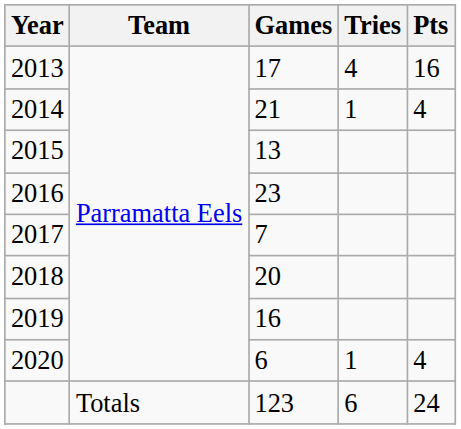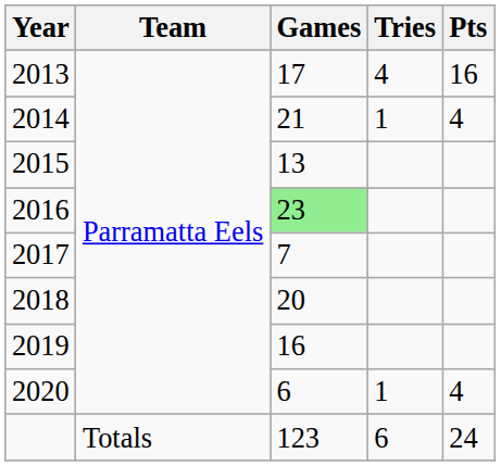 <table class="wikitable">
 <tr>
 <th>Year</th>
 <th>Team</th>
 <th>Games</th>
 <th>Tries</th>
 <th>Pts</th>
 </tr>
 <tr>
 <td>2013</td>
 <td rowspan="8"> <a href='#'>Parramatta Eels</a></td>
 <td>17</td>
 <td>4</td>
 <td>16</td>
 </tr>
 <tr>
 <td>2014</td>
 <td>21</td>
 <td>1</td>
 <td>4</td>
 </tr>
 <tr>
 <td>2015</td>
 <td>13</td>
 <td></td>
 <td></td>
 </tr>
 <tr>
 <td>2016</td>
-<td>23</td>
+<td style="background: lightgreen;">23</td>
 <td></td>
 <td></td>
 </tr>
 <tr>
 <td>2017</td>
 <td>7</td>
 <td></td>
 <td></td>
 </tr>
 <tr>
 <td>2018</td>
 <td>20</td>
 <td></td>
 <td></td>
 </tr>
 <tr>
 <td>2019</td>
 <td>16</td>
 <td></td>
 <td></td>
 </tr>
 <tr>
 <td>2020</td>
 <td>6</td>
 <td>1</td>
 <td>4</td>
 </tr>
 <tr>
 <td></td>
 <td>Totals</td>
 <td>123</td>
 <td>6</td>
 <td>24</td>
 </tr>
 </table>
